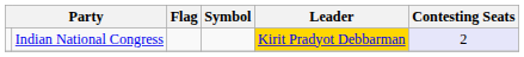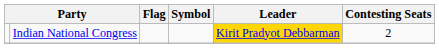 <table class="wikitable" style="text-align:center">
 <tr>
 <th colspan="2">Party</th>
 <th>Flag</th>
 <th>Symbol</th>
 <th>Leader</th>
 <th>Contesting Seats</th>
 </tr>
 <tr>
 <td></td>
 <td><a href='#'>Indian National Congress</a></td>
 <td></td>
 <td></td>
 <td style="background: gold;"><a href='#'>Kirit Pradyot Debbarman</a></td>
-<td style="background: lavender;">2</td>
+<td>2</td>
 </tr>
 <tr>
 </tr>
 </table>
